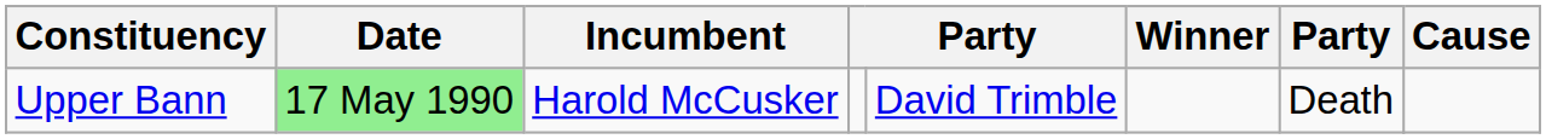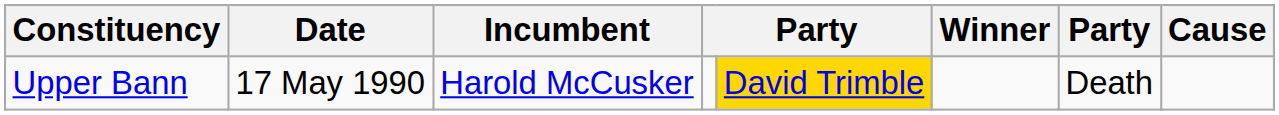 <table class="wikitable">
 <tr>
 <th>Constituency</th>
 <th>Date</th>
 <th>Incumbent</th>
 <th colspan=2>Party</th>
 <th>Winner</th>
 <th colspan=2>Party</th>
 <th>Cause</th>
 </tr>
 <tr>
 <td><a href='#'>Upper Bann</a></td>
-<td style="background: lightgreen;">17 May 1990</td>
+<td>17 May 1990</td>
 <td><a href='#'>Harold McCusker</a></td>
 <td></td>
-<td><a href='#'>David Trimble</a></td>
+<td style="background: gold;"><a href='#'>David Trimble</a></td>
 <td></td>
 <td>Death</td>
 </tr>
 </table>
